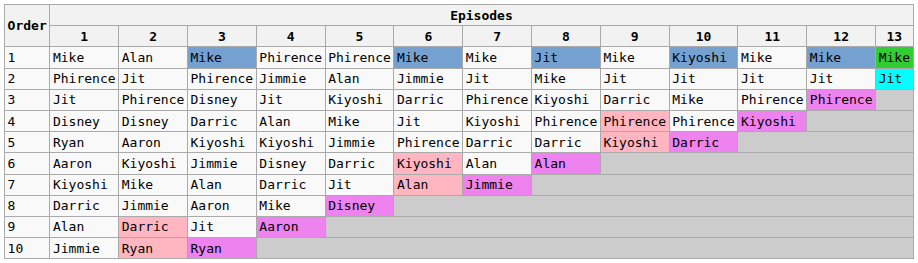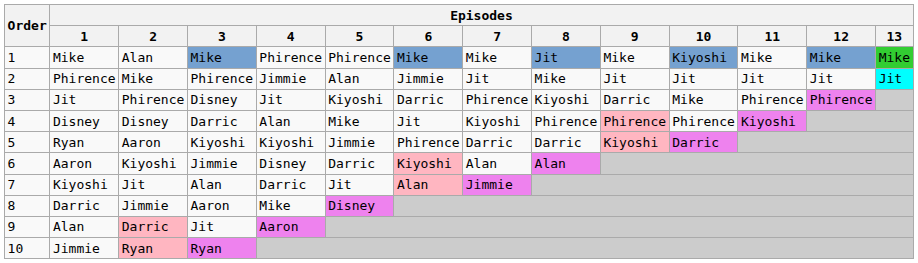 <table class="wikitable">
 <tr>
 <th rowspan=2>Order</th>
 <th colspan=13>Episodes</th>
 </tr>
 <tr>
 <th>1</th>
 <th>2</th>
 <th>3</th>
 <th>4</th>
 <th>5</th>
 <th>6</th>
 <th>7</th>
 <th>8</th>
 <th>9</th>
 <th>10</th>
 <th>11</th>
 <th>12</th>
 <th>13</th>
 </tr>
 <tr>
 <td>1</td>
 <td>Mike</td>
 <td>Alan</td>
 <td style="background-color:#75A1D0;">Mike</td>
 <td>Phirence</td>
 <td>Phirence</td>
 <td style="background-color:#75A1D0;">Mike</td>
 <td>Mike</td>
 <td style="background-color:#75A1D0;">Jit</td>
 <td>Mike</td>
 <td style="background-color:#75A1D0;">Kiyoshi</td>
 <td>Mike</td>
 <td style="background-color:#75A1D0;">Mike</td>
 <td style="background-color:limegreen;">Mike</td>
 </tr>
 <tr>
 <td>2</td>
 <td>Phirence</td>
-<td>Jit</td>
+<td>Mike</td>
 <td>Phirence</td>
 <td>Jimmie</td>
 <td>Alan</td>
 <td>Jimmie</td>
 <td>Jit</td>
 <td>Mike</td>
 <td>Jit</td>
 <td>Jit</td>
 <td>Jit</td>
 <td>Jit</td>
 <td style="background-color:cyan;">Jit</td>
 </tr>
 <tr>
 <td>3</td>
 <td>Jit</td>
 <td>Phirence</td>
 <td>Disney</td>
 <td>Jit</td>
 <td>Kiyoshi</td>
 <td>Darric</td>
 <td>Phirence</td>
 <td>Kiyoshi</td>
 <td>Darric</td>
 <td>Mike</td>
 <td>Phirence</td>
 <td style="background-color:violet;">Phirence</td>
 <td style="background:#CCCCCC;" colspan="1"></td>
 </tr>
 <tr>
 <td>4</td>
 <td>Disney</td>
 <td>Disney</td>
 <td>Darric</td>
 <td>Alan</td>
 <td>Mike</td>
 <td>Jit</td>
 <td>Kiyoshi</td>
 <td>Phirence</td>
 <td bgcolor="lightpink">Phirence</td>
 <td>Phirence</td>
 <td style="background-color:violet;">Kiyoshi</td>
 <td style="background:#CCCCCC;" colspan="3"></td>
 </tr>
 <tr>
 <td>5</td>
 <td>Ryan</td>
 <td>Aaron</td>
 <td>Kiyoshi</td>
 <td>Kiyoshi</td>
 <td>Jimmie</td>
 <td>Phirence</td>
 <td>Darric</td>
 <td>Darric</td>
 <td bgcolor="lightpink">Kiyoshi</td>
 <td style="background-color:violet;">Darric</td>
 <td style="background:#CCCCCC;" colspan="3"></td>
 </tr>
 <tr>
 <td>6</td>
 <td>Aaron</td>
 <td>Kiyoshi</td>
 <td>Jimmie</td>
 <td>Disney</td>
 <td>Darric</td>
 <td bgcolor="lightpink">Kiyoshi</td>
 <td>Alan</td>
 <td style="background-color:violet;">Alan</td>
 <td style="background:#CCCCCC;" colspan="5"></td>
 </tr>
 <tr>
 <td>7</td>
 <td>Kiyoshi</td>
-<td>Mike</td>
+<td>Jit</td>
 <td>Alan</td>
 <td>Darric</td>
 <td>Jit</td>
 <td bgcolor="lightpink">Alan</td>
 <td style="background-color:violet;">Jimmie</td>
 <td style="background:#CCCCCC;" colspan="6"></td>
 </tr>
 <tr>
 <td>8</td>
 <td>Darric</td>
 <td>Jimmie</td>
 <td>Aaron</td>
 <td>Mike</td>
 <td style="background-color:violet;">Disney</td>
 <td style="background:#CCCCCC;" colspan="8"></td>
 </tr>
 <tr>
 <td>9</td>
 <td>Alan</td>
 <td bgcolor="lightpink">Darric</td>
 <td>Jit</td>
 <td style="background-color:violet;">Aaron</td>
 <td style="background:#CCCCCC;" colspan="9"></td>
 </tr>
 <tr>
 <td>10</td>
 <td>Jimmie</td>
 <td bgcolor="lightpink">Ryan</td>
 <td style="background-color:violet;">Ryan</td>
 <td style="background:#CCCCCC;" colspan="10"></td>
 </tr>
 <tr>
 </tr>
 </table>
